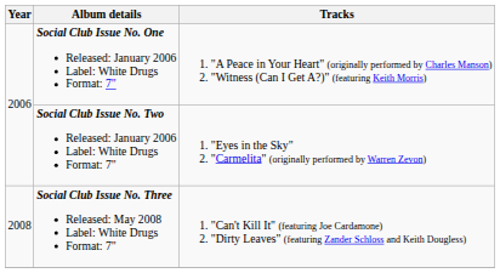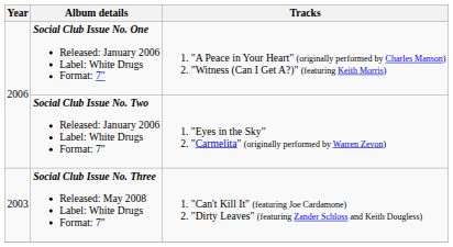 <table class ="wikitable">
 <tr>
 <th>Year</th>
 <th>Album details</th>
 <th>Tracks</th>
 </tr>
 <tr>
 <td rowspan="2" align="left">2006</td>
 <td><strong><em>Social Club Issue No. One</em></strong><br><ul><li>Released: January 2006</li><li>Label: White Drugs</li><li>Format: <a href='#'>7"</a></li></ul></td>
 <td><br><ol><li>"A Peace in Your Heart" <small>(originally performed by <a href='#'>Charles Manson</a>)</small></li><li>"Witness (Can I Get A?)" <small>(featuring <a href='#'>Keith Morris</a>)</small></li></ol></td>
 </tr>
 <tr>
 <td><strong><em>Social Club Issue No. Two</em></strong><br><ul><li>Released: January 2006</li><li>Label: White Drugs</li><li>Format: 7"</li></ul></td>
 <td><br><ol><li>"Eyes in the Sky"</li><li>"<a href='#'>Carmelita</a>" <small>(originally performed by <a href='#'>Warren Zevon</a>)</small></li></ol></td>
 </tr>
 <tr>
-<td>2008</td>
+<td>2003</td>
 <td><strong><em>Social Club Issue No. Three</em></strong><br><ul><li>Released: May 2008</li><li>Label: White Drugs</li><li>Format: 7"</li></ul></td>
 <td><br><ol><li>"Can't Kill It" <small>(featuring Joe Cardamone)</small></li><li>"Dirty Leaves" <small>(featuring <a href='#'>Zander Schloss</a> and Keith Dougless)</small></li></ol></td>
 </tr>
 <tr>
 </tr>
 </table>
